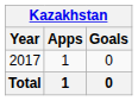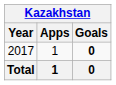 <table class="wikitable" style="text-align:center">
 <tr>
 <th colspan=3><a href='#'>Kazakhstan</a></th>
 </tr>
 <tr>
 <th>Year</th>
 <th>Apps</th>
 <th>Goals</th>
 </tr>
 <tr>
 <td>2017</td>
 <td>1</td>
-<td>0</td>
+<td><strong>0</strong></td>
 </tr>
 <tr>
 <th>Total</th>
 <th>1</th>
 <th>0</th>
 </tr>
 </table>
